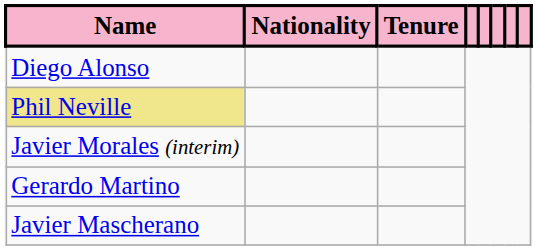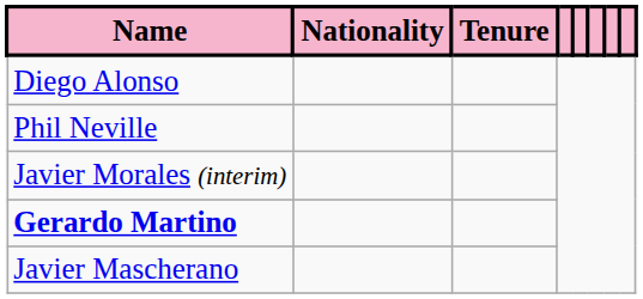 <table class="wikitable sortable">
 <tr>
 <th style="background:#F7B5CD;color:#000000;border:2px solid #000000" scope="col">Name</th>
 <th style="background:#F7B5CD;color:#000000;border:2px solid #000000" scope="col">Nationality</th>
 <th style="background:#F7B5CD;color:#000000;border:2px solid #000000" scope="col">Tenure</th>
 <th style="background:#F7B5CD;color:#000000;border:2px solid #000000" scope="col"></th>
 <th style="background:#F7B5CD;color:#000000;border:2px solid #000000" scope="col"></th>
 <th style="background:#F7B5CD;color:#000000;border:2px solid #000000" scope="col"></th>
 <th style="background:#F7B5CD;color:#000000;border:2px solid #000000" scope="col"></th>
 <th style="background:#F7B5CD;color:#000000;border:2px solid #000000" scope="col"></th>
 </tr>
 <tr>
 <td><a href='#'>Diego Alonso</a></td>
 <td></td>
 <td December 30, 2019 – January 7, 2021></td>
 </tr>
 <tr>
-<td style="background: khaki;"><a href='#'>Phil Neville</a></td>
+<td><a href='#'>Phil Neville</a></td>
 <td></td>
 <td January 18, 2021 – June 1, 2023></td>
 </tr>
 <tr>
 <td><a href='#'>Javier Morales</a> <small><em>(interim)</em></small></td>
 <td></td>
 <td June 1, 2023 – July 10, 2023></td>
 </tr>
 <tr>
-<td><a href='#'>Gerardo Martino</a></td>
+<td><strong><a href='#'>Gerardo Martino</a></strong></td>
 <td></td>
 <td July 10, 2023 – November 22, 2024></td>
 </tr>
 <tr>
 <td><a href='#'>Javier Mascherano</a></td>
 <td></td>
 <td November 26, 2024 – present></td>
 </tr>
 </table>
